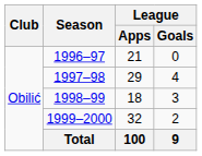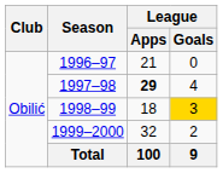 <table class="wikitable" style="text-align:center">
 <tr>
 <th rowspan="2">Club</th>
 <th rowspan="2">Season</th>
 <th colspan="2">League</th>
 </tr>
 <tr>
 <th>Apps</th>
 <th>Goals</th>
 </tr>
 <tr>
 <td rowspan="5"><a href='#'>Obilić</a></td>
 <td><a href='#'>1996–97</a></td>
 <td>21</td>
 <td>0</td>
 </tr>
 <tr>
 <td><a href='#'>1997–98</a></td>
-<td>29</td>
+<td><strong>29</strong></td>
 <td>4</td>
 </tr>
 <tr>
 <td><a href='#'>1998–99</a></td>
 <td>18</td>
-<td>3</td>
+<td style="background: gold;">3</td>
 </tr>
 <tr>
 <td><a href='#'>1999–2000</a></td>
 <td>32</td>
 <td>2</td>
 </tr>
 <tr>
 <th>Total</th>
 <th>100</th>
 <th>9</th>
 </tr>
 </table>
